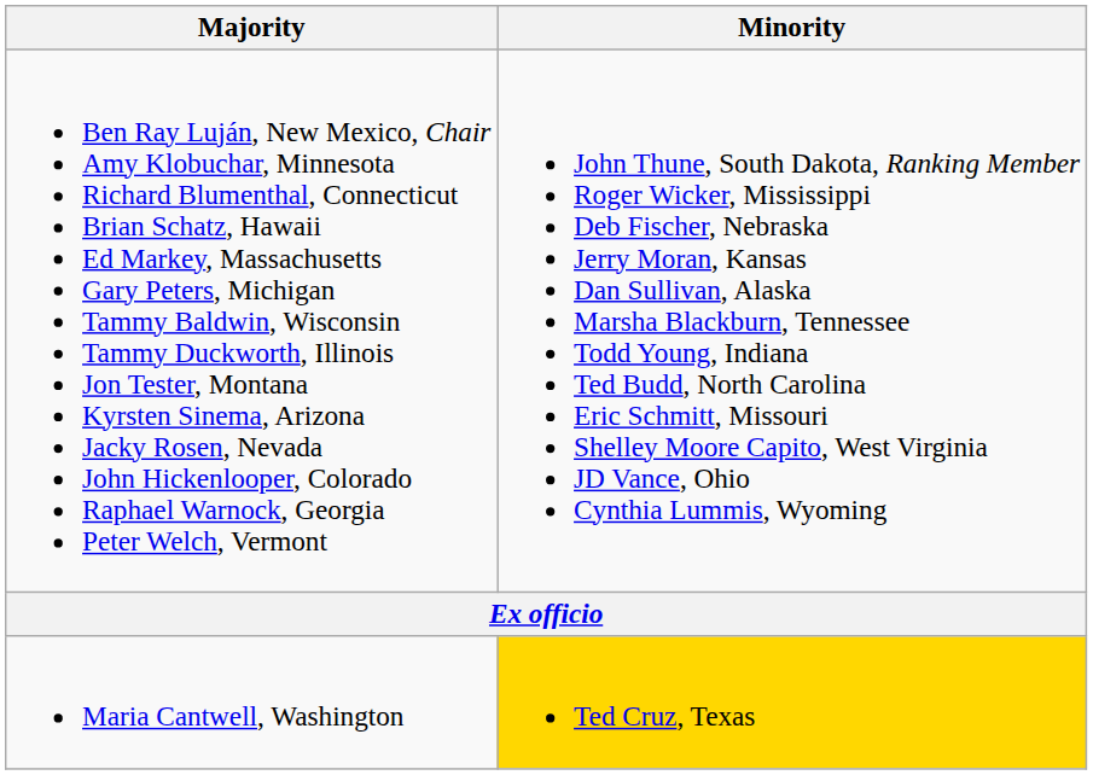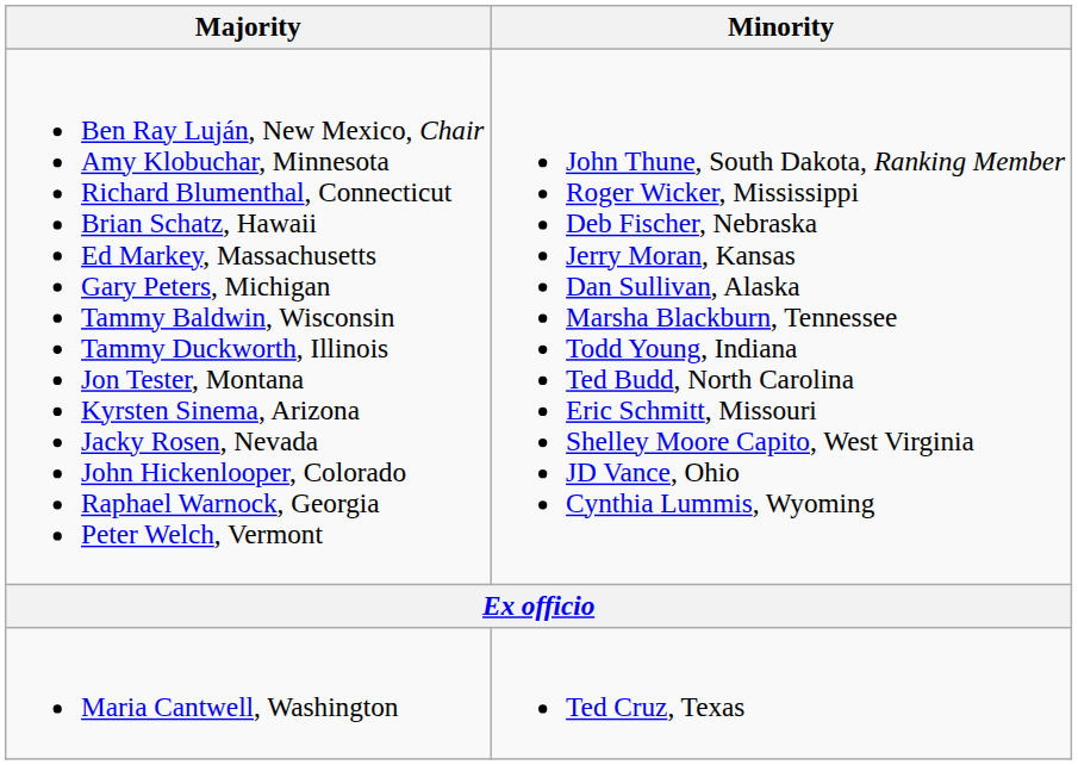 <table class=wikitable>
 <tr>
 <th>Majority</th>
 <th>Minority</th>
 </tr>
 <tr>
 <td><br><ul><li><a href='#'>Ben Ray Luján</a>, New Mexico, <em>Chair</em></li><li><a href='#'>Amy Klobuchar</a>, Minnesota</li><li><a href='#'>Richard Blumenthal</a>, Connecticut</li><li><a href='#'>Brian Schatz</a>, Hawaii</li><li><a href='#'>Ed Markey</a>, Massachusetts</li><li><a href='#'>Gary Peters</a>, Michigan</li><li><a href='#'>Tammy Baldwin</a>, Wisconsin</li><li><a href='#'>Tammy Duckworth</a>, Illinois</li><li><a href='#'>Jon Tester</a>, Montana</li><li><span><a href='#'>Kyrsten Sinema</a>, Arizona</span></li><li><a href='#'>Jacky Rosen</a>, Nevada</li><li><a href='#'>John Hickenlooper</a>, Colorado</li><li><a href='#'>Raphael Warnock</a>, Georgia</li><li><a href='#'>Peter Welch</a>, Vermont</li></ul></td>
 <td><br><ul><li><a href='#'>John Thune</a>, South Dakota, <em>Ranking Member</em></li><li><a href='#'>Roger Wicker</a>, Mississippi</li><li><a href='#'>Deb Fischer</a>, Nebraska</li><li><a href='#'>Jerry Moran</a>, Kansas</li><li><a href='#'>Dan Sullivan</a>, Alaska</li><li><a href='#'>Marsha Blackburn</a>, Tennessee</li><li><a href='#'>Todd Young</a>, Indiana</li><li><a href='#'>Ted Budd</a>, North Carolina</li><li><a href='#'>Eric Schmitt</a>, Missouri</li><li><a href='#'>Shelley Moore Capito</a>, West Virginia</li><li><a href='#'>JD Vance</a>, Ohio</li><li><a href='#'>Cynthia Lummis</a>, Wyoming</li></ul></td>
 </tr>
 <tr>
 <th colspan=2><em><a href='#'>Ex officio</a></em></th>
 </tr>
 <tr>
 <td><br><ul><li><a href='#'>Maria Cantwell</a>, Washington</li></ul></td>
-<td style="background: gold;"><br><ul><li><a href='#'>Ted Cruz</a>, Texas</li></ul></td>
+<td><br><ul><li><a href='#'>Ted Cruz</a>, Texas</li></ul></td>
 </tr>
 </table>
